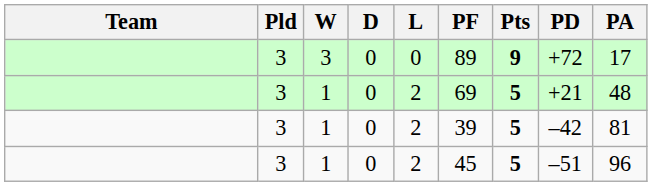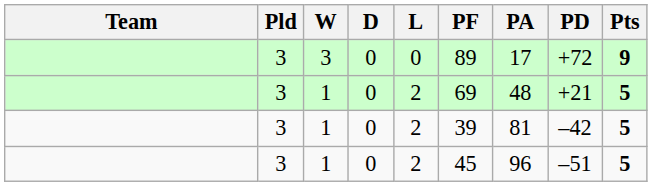 <table class="wikitable" style="text-align:center;">
 <tr>
 <th width=175>Team</th>
 <th width=25 abbr="Played">Pld</th>
 <th width=25 abbr="Won">W</th>
 <th width=25 abbr="Drawn">D</th>
 <th width=25 abbr="Lost">L</th>
 <th width=32 abbr="Points for">PF</th>
+<th width=32 abbr="Points against">PA</th>
+<th width=32 abbr="Points difference">PD</th>
 <th width=25 abbr="Points">Pts</th>
-<th width=32 abbr="Points difference">PD</th>
-<th width=32 abbr="Points against">PA</th>
 </tr>
 <tr bgcolor=ccffcc>
 <td align=left></td>
 <td>3</td>
 <td>3</td>
 <td>0</td>
 <td>0</td>
 <td>89</td>
+<td>17</td>
+<td>+72</td>
 <td><strong>9</strong></td>
-<td>+72</td>
-<td>17</td>
 </tr>
 <tr bgcolor=ccffcc>
 <td align=left></td>
 <td>3</td>
 <td>1</td>
 <td>0</td>
 <td>2</td>
 <td>69</td>
+<td>48</td>
+<td>+21</td>
 <td><strong>5</strong></td>
-<td>+21</td>
-<td>48</td>
 </tr>
 <tr>
 <td align=left></td>
 <td>3</td>
 <td>1</td>
 <td>0</td>
 <td>2</td>
 <td>39</td>
+<td>81</td>
+<td>–42</td>
 <td><strong>5</strong></td>
-<td>–42</td>
-<td>81</td>
 </tr>
 <tr>
 <td align=left></td>
 <td>3</td>
 <td>1</td>
 <td>0</td>
 <td>2</td>
 <td>45</td>
+<td>96</td>
+<td>–51</td>
 <td><strong>5</strong></td>
-<td>–51</td>
-<td>96</td>
 </tr>
 </table>
